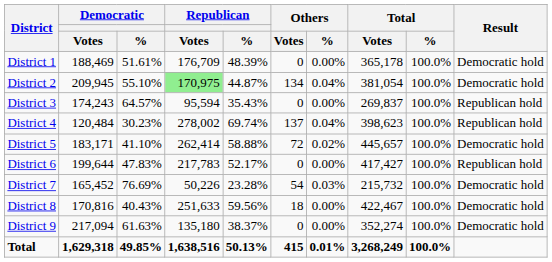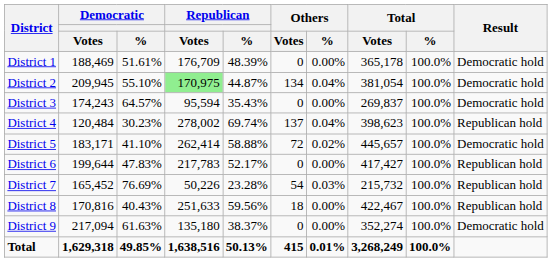 <table class="wikitable plainrowheaders sortable" style="font-size:100%; text-align:right;">
 <tr>
 <th scope=col rowspan=3><a href='#'>District</a></th>
 <th scope=col colspan=2><a href='#'>Democratic</a></th>
 <th scope=col colspan=2><a href='#'>Republican</a></th>
 <th scope=col colspan=2 rowspan=2>Others</th>
 <th scope=col colspan=2 rowspan=2>Total</th>
 <th scope=col rowspan=3>Result</th>
 </tr>
 <tr>
 <th scope=col colspan=2 style="background:"></th>
 <th scope=col colspan=2 style="background:"></th>
 </tr>
 <tr>
 <th scope=col data-sort-type="number">Votes</th>
 <th scope=col data-sort-type="number">%</th>
 <th scope=col data-sort-type="number">Votes</th>
 <th scope=col data-sort-type="number">%</th>
 <th scope=col data-sort-type="number">Votes</th>
 <th scope=col data-sort-type="number">%</th>
 <th scope=col data-sort-type="number">Votes</th>
 <th scope=col data-sort-type="number">%</th>
 </tr>
 <tr>
 <td align=left><a href='#'>District 1</a></td>
 <td>188,469</td>
 <td>51.61%</td>
 <td>176,709</td>
 <td>48.39%</td>
 <td>0</td>
 <td>0.00%</td>
 <td>365,178</td>
 <td>100.0%</td>
 <td align=left>Democratic hold</td>
 </tr>
 <tr>
 <td align=left><a href='#'>District 2</a></td>
 <td>209,945</td>
 <td>55.10%</td>
 <td style="background: lightgreen;">170,975</td>
 <td>44.87%</td>
 <td>134</td>
 <td>0.04%</td>
 <td>381,054</td>
 <td>100.0%</td>
 <td align=left>Democratic hold</td>
 </tr>
 <tr>
 <td align=left><a href='#'>District 3</a></td>
 <td>174,243</td>
 <td>64.57%</td>
 <td>95,594</td>
 <td>35.43%</td>
 <td>0</td>
 <td>0.00%</td>
 <td>269,837</td>
 <td>100.0%</td>
-<td align=left>Republican hold</td>
+<td align=left>Democratic hold</td>
 </tr>
 <tr>
 <td align=left><a href='#'>District 4</a></td>
 <td>120,484</td>
 <td>30.23%</td>
 <td>278,002</td>
 <td>69.74%</td>
 <td>137</td>
 <td>0.04%</td>
 <td>398,623</td>
 <td>100.0%</td>
 <td align=left>Republican hold</td>
 </tr>
 <tr>
 <td align=left><a href='#'>District 5</a></td>
 <td>183,171</td>
 <td>41.10%</td>
 <td>262,414</td>
 <td>58.88%</td>
 <td>72</td>
 <td>0.02%</td>
 <td>445,657</td>
 <td>100.0%</td>
 <td align=left>Democratic hold</td>
 </tr>
 <tr>
 <td align=left><a href='#'>District 6</a></td>
 <td>199,644</td>
 <td>47.83%</td>
 <td>217,783</td>
 <td>52.17%</td>
 <td>0</td>
 <td>0.00%</td>
 <td>417,427</td>
 <td>100.0%</td>
 <td align=left>Republican hold</td>
 </tr>
 <tr>
 <td align=left><a href='#'>District 7</a></td>
 <td>165,452</td>
 <td>76.69%</td>
 <td>50,226</td>
 <td>23.28%</td>
 <td>54</td>
 <td>0.03%</td>
 <td>215,732</td>
 <td>100.0%</td>
-<td align=left>Democratic hold</td>
+<td align=left>Republican hold</td>
 </tr>
 <tr>
 <td align=left><a href='#'>District 8</a></td>
 <td>170,816</td>
 <td>40.43%</td>
 <td>251,633</td>
 <td>59.56%</td>
 <td>18</td>
 <td>0.00%</td>
 <td>422,467</td>
 <td>100.0%</td>
-<td align=left>Democratic hold</td>
+<td align=left>Republican hold</td>
 </tr>
 <tr>
 <td align=left><a href='#'>District 9</a></td>
 <td>217,094</td>
 <td>61.63%</td>
 <td>135,180</td>
 <td>38.37%</td>
 <td>0</td>
 <td>0.00%</td>
 <td>352,274</td>
 <td>100.0%</td>
 <td align=left>Democratic hold</td>
 </tr>
 <tr class="sortbottom" style="font-weight:bold">
 <td align=left>Total</td>
 <td>1,629,318</td>
 <td>49.85%</td>
 <td>1,638,516</td>
 <td>50.13%</td>
 <td>415</td>
 <td>0.01%</td>
 <td>3,268,249</td>
 <td>100.0%</td>
 <td></td>
 </tr>
 </table>
